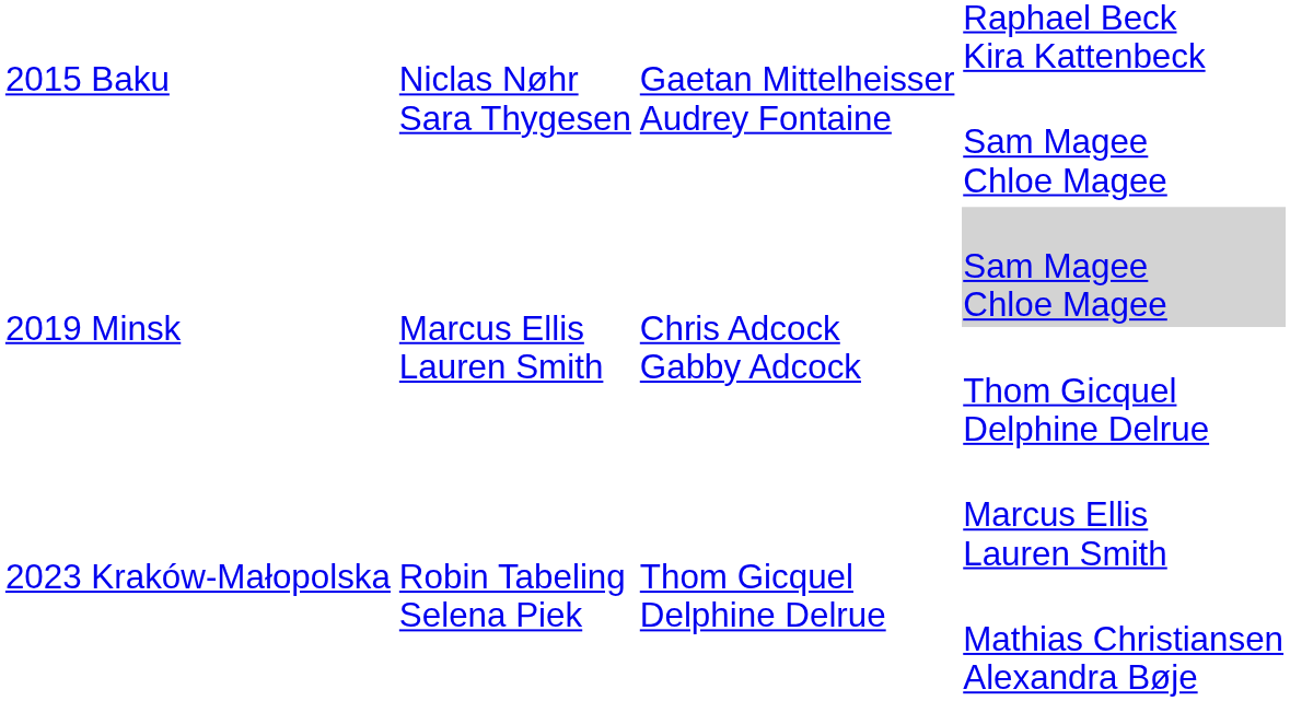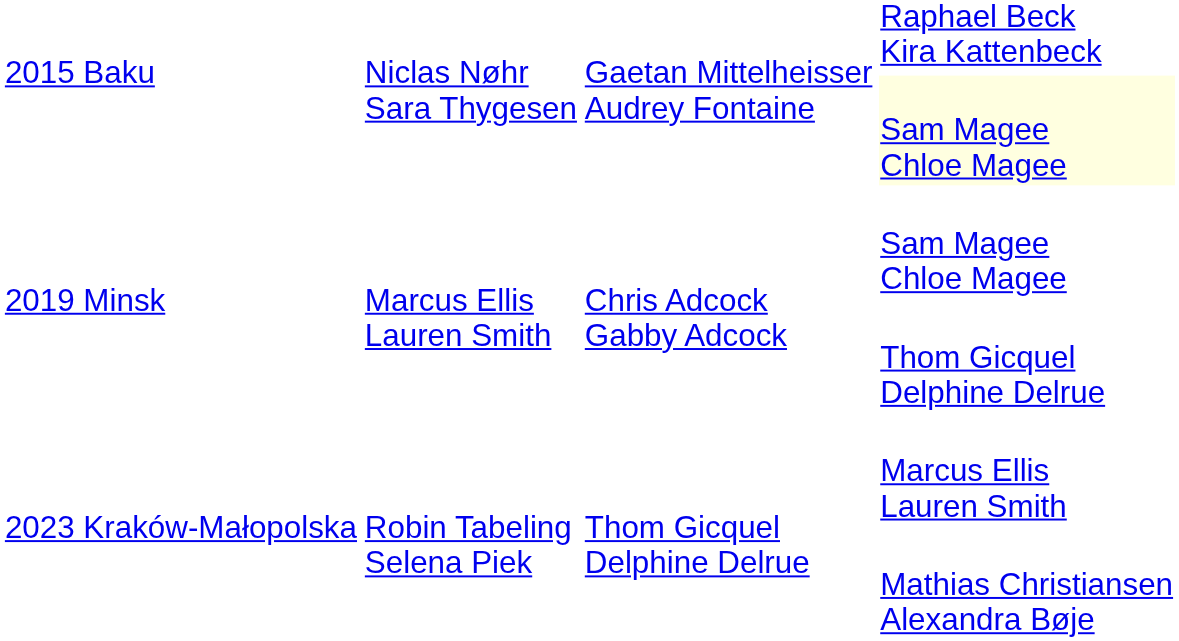 <table>
 <tr valign="center">
 <td rowspan=2><a href='#'>2015 Baku</a><br></td>
 <td rowspan=2><br><a href='#'>Niclas Nøhr</a><br><a href='#'>Sara Thygesen</a></td>
 <td rowspan=2><br><a href='#'>Gaetan Mittelheisser</a><br><a href='#'>Audrey Fontaine</a></td>
 <td><br><a href='#'>Raphael Beck</a><br><a href='#'>Kira Kattenbeck</a></td>
 </tr>
 <tr>
-<td><br><a href='#'>Sam Magee</a><br><a href='#'>Chloe Magee</a></td>
+<td style="background: lightyellow;"><br><a href='#'>Sam Magee</a><br><a href='#'>Chloe Magee</a></td>
 </tr>
 <tr valign="center">
 <td rowspan="2"><a href='#'>2019 Minsk</a><br></td>
 <td rowspan="2"><br><a href='#'>Marcus Ellis</a><br><a href='#'>Lauren Smith</a></td>
 <td rowspan="2"><br><a href='#'>Chris Adcock</a><br><a href='#'>Gabby Adcock</a></td>
-<td style="background: lightgrey;"><br><a href='#'>Sam Magee</a><br><a href='#'>Chloe Magee</a></td>
+<td><br><a href='#'>Sam Magee</a><br><a href='#'>Chloe Magee</a></td>
 </tr>
 <tr>
 <td><br><a href='#'>Thom Gicquel</a><br><a href='#'>Delphine Delrue</a></td>
 </tr>
 <tr valign="center">
 <td rowspan="2"><a href='#'>2023 Kraków-Małopolska</a><br></td>
 <td rowspan="2"><br><a href='#'>Robin Tabeling</a><br><a href='#'>Selena Piek</a></td>
 <td rowspan="2"><br><a href='#'>Thom Gicquel</a><br><a href='#'>Delphine Delrue</a></td>
 <td><br><a href='#'>Marcus Ellis</a><br><a href='#'>Lauren Smith</a></td>
 </tr>
 <tr>
 <td><br><a href='#'>Mathias Christiansen</a><br><a href='#'>Alexandra Bøje</a></td>
 </tr>
 </table>
